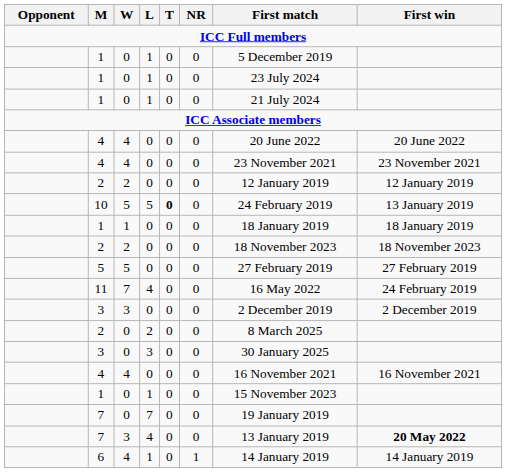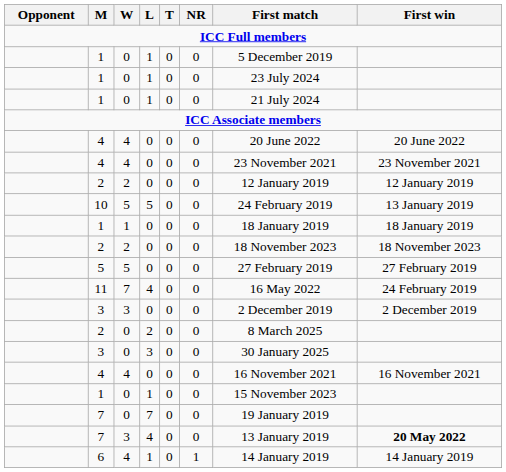 <table class="wikitable" style="text-align: center; width: 600px;">
 <tr>
 <th>Opponent</th>
 <th>M</th>
 <th>W</th>
 <th>L</th>
 <th>T</th>
 <th>NR</th>
 <th>First match</th>
 <th>First win</th>
 </tr>
 <tr>
 <td colspan="9" style="text-align: center;"><strong><a href='#'>ICC Full members</a></strong></td>
 </tr>
 <tr>
 <td align=left></td>
 <td>1</td>
 <td>0</td>
 <td>1</td>
 <td>0</td>
 <td>0</td>
 <td>5 December 2019</td>
 <td></td>
 </tr>
 <tr>
 <td align=left></td>
 <td>1</td>
 <td>0</td>
 <td>1</td>
 <td>0</td>
 <td>0</td>
 <td>23 July 2024</td>
 <td></td>
 </tr>
 <tr>
 <td align=left></td>
 <td>1</td>
 <td>0</td>
 <td>1</td>
 <td>0</td>
 <td>0</td>
 <td>21 July 2024</td>
 <td></td>
 </tr>
 <tr>
 <td colspan="9" style="text-align: center;"><strong><a href='#'>ICC Associate members</a></strong></td>
 </tr>
 <tr>
 <td align=left></td>
 <td>4</td>
 <td>4</td>
 <td>0</td>
 <td>0</td>
 <td>0</td>
 <td>20 June 2022</td>
 <td>20 June 2022</td>
 </tr>
 <tr>
 <td align=left></td>
 <td>4</td>
 <td>4</td>
 <td>0</td>
 <td>0</td>
 <td>0</td>
 <td>23 November 2021</td>
 <td>23 November 2021</td>
 </tr>
 <tr>
 <td align=left></td>
 <td>2</td>
 <td>2</td>
 <td>0</td>
 <td>0</td>
 <td>0</td>
 <td>12 January 2019</td>
 <td>12 January 2019</td>
 </tr>
 <tr>
 <td align=left></td>
 <td>10</td>
 <td>5</td>
 <td>5</td>
-<td><strong>0</strong></td>
+<td>0</td>
 <td>0</td>
 <td>24 February 2019</td>
 <td>13 January 2019</td>
 </tr>
 <tr>
 <td align=left></td>
 <td>1</td>
 <td>1</td>
 <td>0</td>
 <td>0</td>
 <td>0</td>
 <td>18 January 2019</td>
 <td>18 January 2019</td>
 </tr>
 <tr>
 <td align=left></td>
 <td>2</td>
 <td>2</td>
 <td>0</td>
 <td>0</td>
 <td>0</td>
 <td>18 November 2023</td>
 <td>18 November 2023</td>
 </tr>
 <tr>
 <td align=left></td>
 <td>5</td>
 <td>5</td>
 <td>0</td>
 <td>0</td>
 <td>0</td>
 <td>27 February 2019</td>
 <td>27 February 2019</td>
 </tr>
 <tr>
 <td align=left></td>
 <td>11</td>
 <td>7</td>
 <td>4</td>
 <td>0</td>
 <td>0</td>
 <td>16 May 2022</td>
 <td>24 February 2019</td>
 </tr>
 <tr>
 <td align=left></td>
 <td>3</td>
 <td>3</td>
 <td>0</td>
 <td>0</td>
 <td>0</td>
 <td>2 December 2019</td>
 <td>2 December 2019</td>
 </tr>
 <tr>
 <td align=left></td>
 <td>2</td>
 <td>0</td>
 <td>2</td>
 <td>0</td>
 <td>0</td>
 <td>8 March 2025</td>
 <td></td>
 </tr>
 <tr>
 <td align=left></td>
 <td>3</td>
 <td>0</td>
 <td>3</td>
 <td>0</td>
 <td>0</td>
 <td>30 January 2025</td>
 <td></td>
 </tr>
 <tr>
 <td align=left></td>
 <td>4</td>
 <td>4</td>
 <td>0</td>
 <td>0</td>
 <td>0</td>
 <td>16 November 2021</td>
 <td>16 November 2021</td>
 </tr>
 <tr>
 <td align=left></td>
 <td>1</td>
 <td>0</td>
 <td>1</td>
 <td>0</td>
 <td>0</td>
 <td>15 November 2023</td>
 <td></td>
 </tr>
 <tr>
 <td align=left></td>
 <td>7</td>
 <td>0</td>
 <td>7</td>
 <td>0</td>
 <td>0</td>
 <td>19 January 2019</td>
 <td></td>
 </tr>
 <tr>
 <td align=left></td>
 <td>7</td>
 <td>3</td>
 <td>4</td>
 <td>0</td>
 <td>0</td>
 <td>13 January 2019</td>
 <td><strong>20 May 2022</strong></td>
 </tr>
 <tr>
 <td align=left></td>
 <td>6</td>
 <td>4</td>
 <td>1</td>
 <td>0</td>
 <td>1</td>
 <td>14 January 2019</td>
 <td>14 January 2019</td>
 </tr>
 </table>
